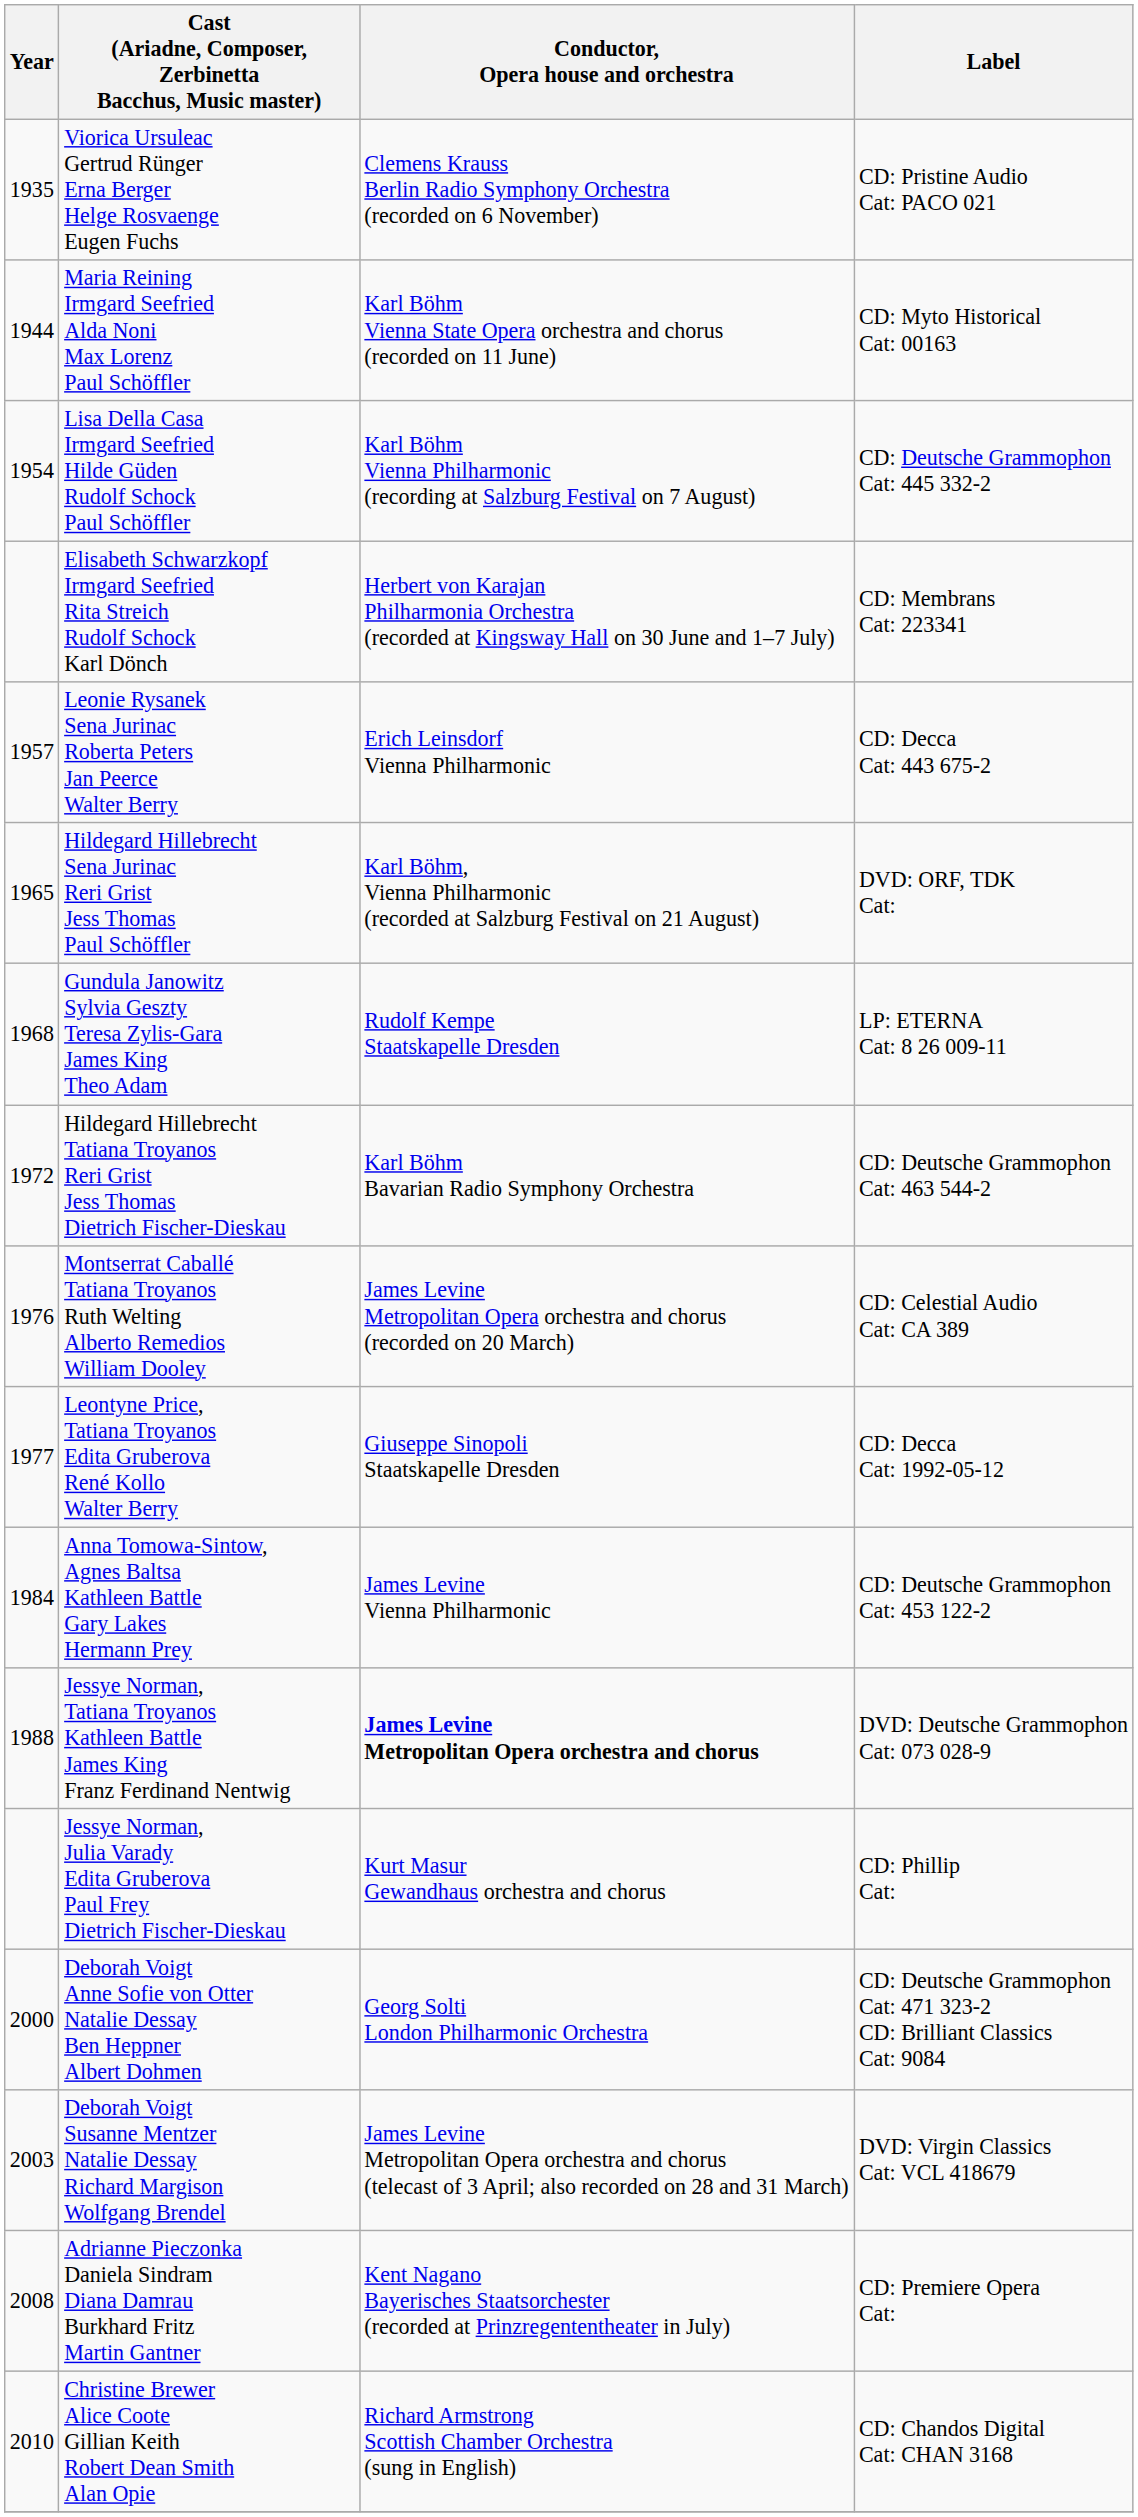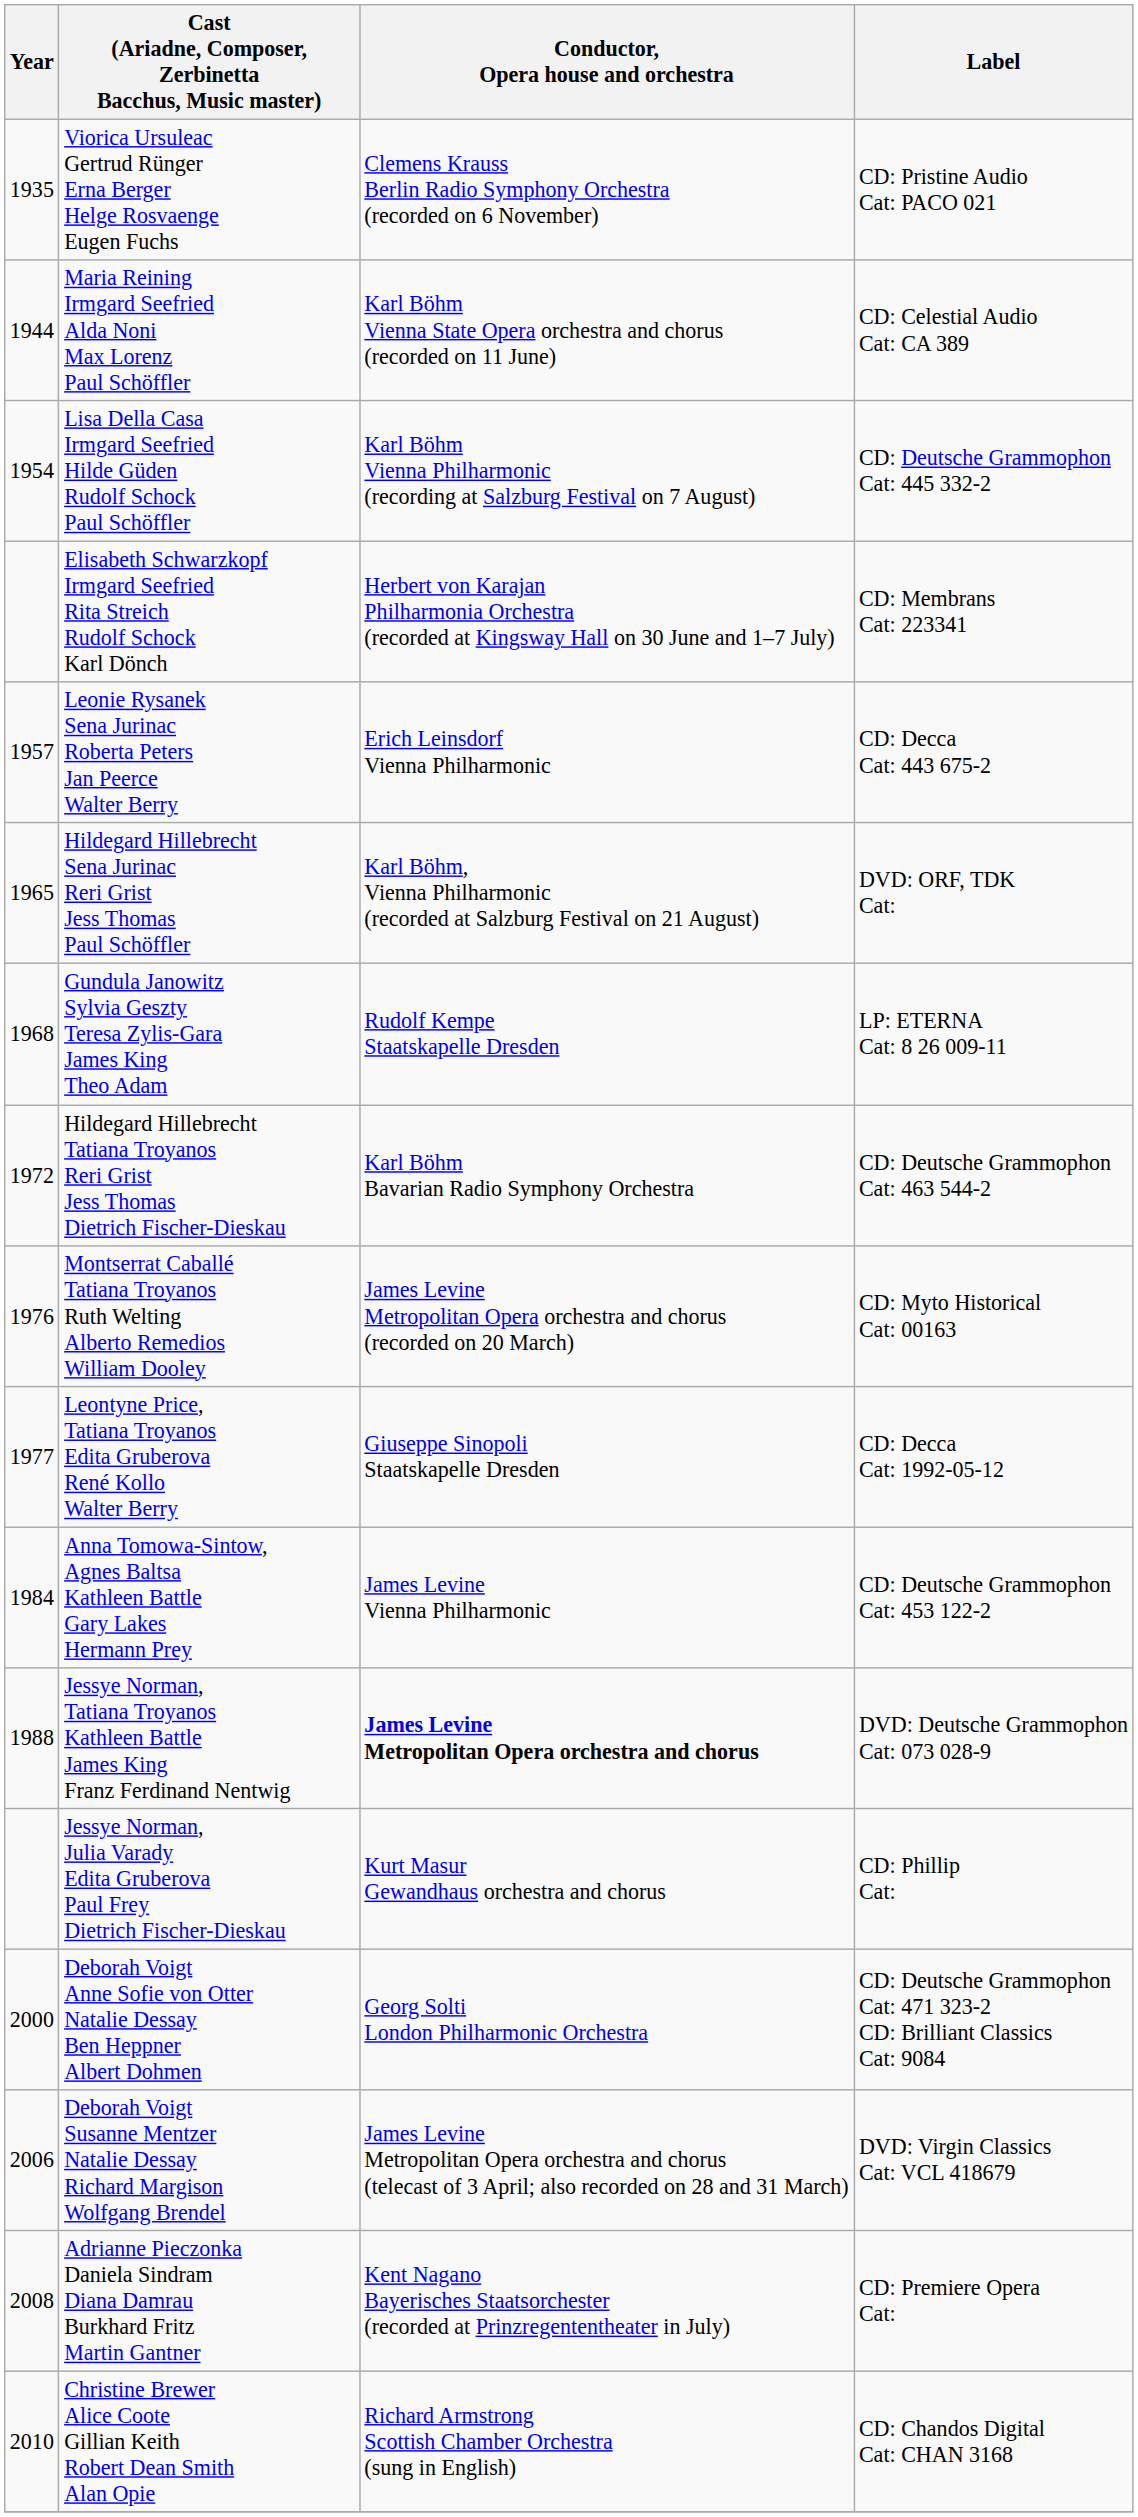 <table class="wikitable" style="font-size:95%;">
 <tr>
 <th>Year</th>
 <th width="200">Cast<br>(Ariadne, Composer, Zerbinetta<br>Bacchus, Music master)</th>
 <th>Conductor,<br>Opera house and orchestra</th>
 <th>Label</th>
 </tr>
 <tr>
 <td>1935</td>
 <td><a href='#'>Viorica Ursuleac</a><br>Gertrud Rünger<br><a href='#'>Erna Berger</a><br><a href='#'>Helge Rosvaenge</a><br>Eugen Fuchs</td>
 <td><a href='#'>Clemens Krauss</a><br><a href='#'>Berlin Radio Symphony Orchestra</a><br>(recorded on 6 November)</td>
 <td>CD: Pristine Audio<br>Cat: PACO 021</td>
 </tr>
 <tr>
 <td>1944</td>
 <td><a href='#'>Maria Reining</a><br><a href='#'>Irmgard Seefried</a><br><a href='#'>Alda Noni</a><br><a href='#'>Max Lorenz</a><br><a href='#'>Paul Schöffler</a></td>
 <td><a href='#'>Karl Böhm</a><br><a href='#'>Vienna State Opera</a> orchestra and chorus<br>(recorded on 11 June)</td>
-<td>CD: Myto Historical<br>Cat: 00163</td>
+<td>CD: Celestial Audio<br>Cat: CA 389</td>
 </tr>
 <tr>
 <td>1954</td>
 <td><a href='#'>Lisa Della Casa</a><br><a href='#'>Irmgard Seefried</a><br><a href='#'>Hilde Güden</a><br><a href='#'>Rudolf Schock</a><br><a href='#'>Paul Schöffler</a></td>
 <td><a href='#'>Karl Böhm</a><br><a href='#'>Vienna Philharmonic</a><br>(recording at <a href='#'>Salzburg Festival</a> on 7 August)</td>
 <td>CD: <a href='#'>Deutsche Grammophon</a><br>Cat: 445 332-2</td>
 </tr>
 <tr>
 <td></td>
 <td><a href='#'>Elisabeth Schwarzkopf</a><br><a href='#'>Irmgard Seefried</a><br><a href='#'>Rita Streich</a><br><a href='#'>Rudolf Schock</a><br>Karl Dönch</td>
 <td><a href='#'>Herbert von Karajan</a><br><a href='#'>Philharmonia Orchestra</a><br>(recorded at <a href='#'>Kingsway Hall</a> on 30 June and 1–7 July)</td>
 <td>CD: Membrans<br>Cat: 223341</td>
 </tr>
 <tr>
 <td>1957</td>
 <td><a href='#'>Leonie Rysanek</a><br><a href='#'>Sena Jurinac</a><br><a href='#'>Roberta Peters</a><br><a href='#'>Jan Peerce</a><br><a href='#'>Walter Berry</a></td>
 <td><a href='#'>Erich Leinsdorf</a><br>Vienna Philharmonic</td>
 <td>CD: Decca<br>Cat: 443 675-2</td>
 </tr>
 <tr>
 <td>1965</td>
 <td><a href='#'>Hildegard Hillebrecht</a><br><a href='#'>Sena Jurinac</a><br><a href='#'>Reri Grist</a><br><a href='#'>Jess Thomas</a><br><a href='#'>Paul Schöffler</a></td>
 <td><a href='#'>Karl Böhm</a>, <br>Vienna Philharmonic<br>(recorded at Salzburg Festival on 21 August)</td>
 <td>DVD: ORF, TDK<br>Cat:</td>
 </tr>
 <tr>
 <td>1968</td>
 <td><a href='#'>Gundula Janowitz</a><br><a href='#'>Sylvia Geszty</a><br><a href='#'>Teresa Zylis-Gara</a><br><a href='#'>James King</a><br><a href='#'>Theo Adam</a></td>
 <td><a href='#'>Rudolf Kempe</a><br><a href='#'>Staatskapelle Dresden</a></td>
 <td>LP: ETERNA<br>Cat: 8 26 009-11</td>
 </tr>
 <tr>
 <td>1972</td>
 <td>Hildegard Hillebrecht<br><a href='#'>Tatiana Troyanos</a><br><a href='#'>Reri Grist</a><br><a href='#'>Jess Thomas</a><br><a href='#'>Dietrich Fischer-Dieskau</a></td>
 <td><a href='#'>Karl Böhm</a><br>Bavarian Radio Symphony Orchestra</td>
 <td>CD: Deutsche Grammophon<br>Cat: 463 544-2</td>
 </tr>
 <tr>
 <td>1976</td>
 <td><a href='#'>Montserrat Caballé</a><br><a href='#'>Tatiana Troyanos</a><br>Ruth Welting<br><a href='#'>Alberto Remedios</a><br><a href='#'>William Dooley</a></td>
 <td><a href='#'>James Levine</a><br><a href='#'>Metropolitan Opera</a> orchestra and chorus<br>(recorded on 20 March)</td>
-<td>CD: Celestial Audio<br>Cat: CA 389</td>
+<td>CD: Myto Historical<br>Cat: 00163</td>
 </tr>
 <tr>
 <td>1977</td>
 <td><a href='#'>Leontyne Price</a>, <br><a href='#'>Tatiana Troyanos</a><br><a href='#'>Edita Gruberova</a><br><a href='#'>René Kollo</a><br><a href='#'>Walter Berry</a></td>
 <td><a href='#'>Giuseppe Sinopoli</a><br>Staatskapelle Dresden</td>
 <td>CD: Decca <br>Cat: 1992-05-12</td>
 </tr>
 <tr>
 <td>1984</td>
 <td><a href='#'>Anna Tomowa-Sintow</a>, <br><a href='#'>Agnes Baltsa</a><br><a href='#'>Kathleen Battle</a><br><a href='#'>Gary Lakes</a><br><a href='#'>Hermann Prey</a></td>
 <td><a href='#'>James Levine</a><br>Vienna Philharmonic</td>
 <td>CD: Deutsche Grammophon<br>Cat: 453 122-2</td>
 </tr>
 <tr>
 <td>1988</td>
 <td><a href='#'>Jessye Norman</a>, <br><a href='#'>Tatiana Troyanos</a><br><a href='#'>Kathleen Battle</a><br><a href='#'>James King</a><br>Franz Ferdinand Nentwig</td>
 <td><strong><a href='#'>James Levine</a><br>Metropolitan Opera orchestra and chorus</strong></td>
 <td>DVD: Deutsche Grammophon<br>Cat: 073 028-9</td>
 </tr>
 <tr>
 <td></td>
 <td><a href='#'>Jessye Norman</a>, <br><a href='#'>Julia Varady</a><br><a href='#'>Edita Gruberova</a><br><a href='#'>Paul Frey</a><br><a href='#'>Dietrich Fischer-Dieskau</a></td>
 <td><a href='#'>Kurt Masur</a><br><a href='#'>Gewandhaus</a> orchestra and chorus</td>
 <td>CD: Phillip<br>Cat:</td>
 </tr>
 <tr>
 <td>2000</td>
 <td><a href='#'>Deborah Voigt</a><br><a href='#'>Anne Sofie von Otter</a><br><a href='#'>Natalie Dessay</a><br><a href='#'>Ben Heppner</a><br><a href='#'>Albert Dohmen</a></td>
 <td><a href='#'>Georg Solti</a><br><a href='#'>London Philharmonic Orchestra</a></td>
 <td>CD: Deutsche Grammophon<br>Cat: 471 323-2<br>CD: Brilliant Classics<br>Cat: 9084</td>
 </tr>
 <tr>
-<td>2003</td>
+<td>2006</td>
 <td><a href='#'>Deborah Voigt</a><br><a href='#'>Susanne Mentzer</a><br><a href='#'>Natalie Dessay</a><br><a href='#'>Richard Margison</a><br><a href='#'>Wolfgang Brendel</a></td>
 <td><a href='#'>James Levine</a><br>Metropolitan Opera orchestra and chorus<br>(telecast of 3 April; also recorded on 28 and 31 March)</td>
 <td>DVD: Virgin Classics<br>Cat: VCL 418679</td>
 </tr>
 <tr>
 <td>2008</td>
 <td><a href='#'>Adrianne Pieczonka</a><br>Daniela Sindram<br><a href='#'>Diana Damrau</a><br>Burkhard Fritz<br><a href='#'>Martin Gantner</a></td>
 <td><a href='#'>Kent Nagano</a><br><a href='#'>Bayerisches Staatsorchester</a><br>(recorded at <a href='#'>Prinzregententheater</a> in July)</td>
 <td>CD: Premiere Opera<br>Cat:</td>
 </tr>
 <tr>
 <td>2010</td>
 <td><a href='#'>Christine Brewer</a><br><a href='#'>Alice Coote</a><br>Gillian Keith<br><a href='#'>Robert Dean Smith</a><br><a href='#'>Alan Opie</a></td>
 <td><a href='#'>Richard Armstrong</a><br><a href='#'>Scottish Chamber Orchestra</a><br>(sung in English)</td>
 <td>CD: Chandos Digital<br>Cat: CHAN 3168</td>
 </tr>
 <tr>
 </tr>
 </table>
